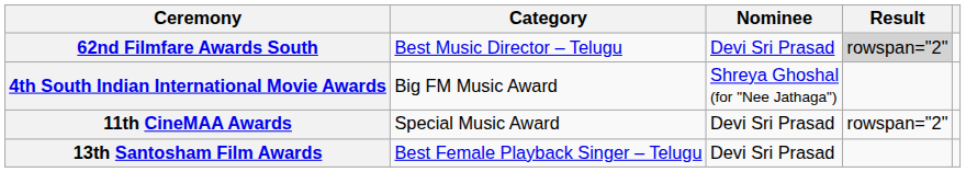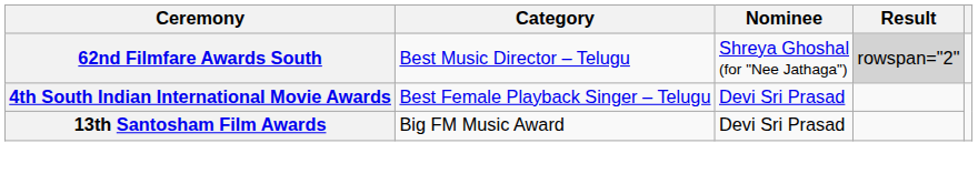 <table class="wikitable plainrowheaders">
 <tr>
 <th scope="col">Ceremony</th>
 <th scope="col">Category</th>
 <th scope="col">Nominee</th>
 <th scope="col">Result</th>
 <th scope="col"></th>
 </tr>
 <tr>
 <th scope="row"><a href='#'>62nd Filmfare Awards South</a></th>
 <td><a href='#'>Best Music Director – Telugu</a></td>
-<td><a href='#'>Devi Sri Prasad</a></td>
+<td><a href='#'>Shreya Ghoshal</a><br><small>(for "Nee Jathaga")</small></td>
 <td style="background: lightgrey;">rowspan="2" </td>
 <td></td>
 </tr>
 <tr>
 <th scope="row"><a href='#'>4th South Indian International Movie Awards</a></th>
-<td>Big FM Music Award</td>
-<td><a href='#'>Shreya Ghoshal</a><br><small>(for "Nee Jathaga")</small></td>
-<td></td>
-</tr>
-<tr>
-<th scope="row">11th <a href='#'>CineMAA Awards</a></th>
-<td>Special Music Award</td>
-<td>Devi Sri Prasad</td>
-<td>rowspan="2" </td>
+<td><a href='#'>Best Female Playback Singer – Telugu</a></td>
+<td><a href='#'>Devi Sri Prasad</a></td>
 <td></td>
 </tr>
 <tr>
 <th scope="row">13th <a href='#'>Santosham Film Awards</a></th>
-<td><a href='#'>Best Female Playback Singer – Telugu</a></td>
+<td>Big FM Music Award</td>
 <td>Devi Sri Prasad</td>
 <td></td>
 </tr>
 </table>
